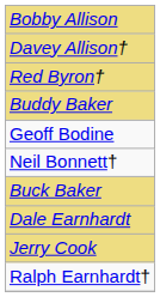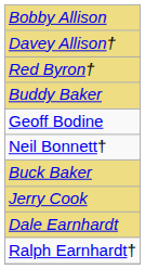 <table class="wikitable" style="float:left;">
 <tr>
 <td style="background:#eedd82"><em><a href='#'>Bobby Allison</a></em></td>
 </tr>
 <tr>
 <td style="background:#eedd82"><em><a href='#'>Davey Allison</a>†</em></td>
 </tr>
 <tr>
 <td style="background:#eedd82"><em><a href='#'>Red Byron</a>†</em></td>
 </tr>
 <tr>
 <td style="background:#eedd82"><em><a href='#'>Buddy Baker</a></em></td>
 </tr>
 <tr>
 <td><a href='#'>Geoff Bodine</a></td>
 </tr>
 <tr>
 <td><a href='#'>Neil Bonnett</a>†</td>
 </tr>
 <tr>
 <td style="background:#eedd82"><em><a href='#'>Buck Baker</a></em></td>
 </tr>
 <tr>
-<td style="background:#eedd82"><em><a href='#'>Dale Earnhardt</a></em></td>
+<td style="background:#eedd82"><em><a href='#'>Jerry Cook</a></em></td>
 </tr>
 <tr>
-<td style="background:#eedd82"><em><a href='#'>Jerry Cook</a></em></td>
+<td style="background:#eedd82"><em><a href='#'>Dale Earnhardt</a></em></td>
 </tr>
 <tr>
 <td><a href='#'>Ralph Earnhardt</a>†</td>
 </tr>
 <tr>
 </tr>
 </table>
